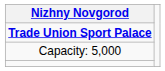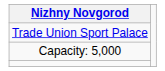 <table class="wikitable" style="text-align:center;margin:1em auto;">
 <tr>
 <th><a href='#'>Nizhny Novgorod</a></th>
 <td rowspan=4></td>
 </tr>
 <tr>
-<td><strong><a href='#'>Trade Union Sport Palace</a></strong></td>
+<td><a href='#'>Trade Union Sport Palace</a></td>
 </tr>
 <tr>
 <td>Capacity: 5,000</td>
 </tr>
 <tr>
 <td></td>
 </tr>
 </table>
